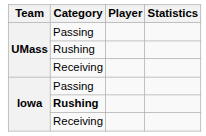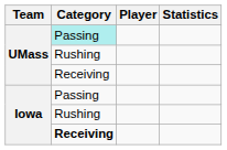 <table class="wikitable" style="float:right">
 <tr>
 <th>Team</th>
 <th>Category</th>
 <th>Player</th>
 <th>Statistics</th>
 </tr>
 <tr>
 <th rowspan=3>UMass</th>
-<td>Passing</td>
+<td style="background: paleturquoise;">Passing</td>
 <td></td>
 <td></td>
 </tr>
 <tr>
 <td>Rushing</td>
 <td></td>
 <td></td>
 </tr>
 <tr>
 <td>Receiving</td>
 <td></td>
 <td></td>
 </tr>
 <tr>
 <th rowspan=3>Iowa</th>
 <td>Passing</td>
 <td></td>
 <td></td>
 </tr>
 <tr>
-<td><strong>Rushing</strong></td>
+<td>Rushing</td>
 <td></td>
 <td></td>
 </tr>
 <tr>
-<td>Receiving</td>
+<td><strong>Receiving</strong></td>
 <td></td>
 <td></td>
 </tr>
 </table>
